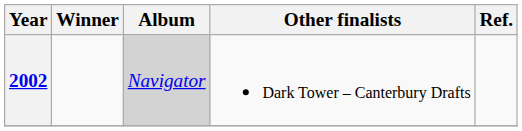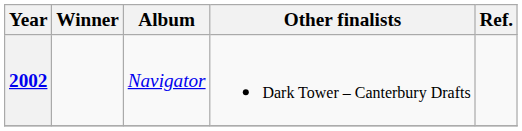 <table class="wikitable sortable">
 <tr>
 <th scope="col">Year</th>
 <th scope="col">Winner</th>
 <th scope="col">Album</th>
 <th scope="col" class=unsortable>Other finalists</th>
 <th scope="col" class=unsortable>Ref.</th>
 </tr>
 <tr>
 <th scope="row"><a href='#'>2002</a></th>
 <td></td>
-<td style="background: lightgrey;"><em><a href='#'>Navigator</a></em></td>
+<td><em><a href='#'>Navigator</a></em></td>
 <td><br><ul><li><small>Dark Tower – Canterbury Drafts</small></li></ul></td>
 <td align="center"></td>
 </tr>
 <tr>
 </tr>
 </table>
